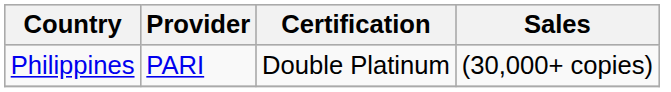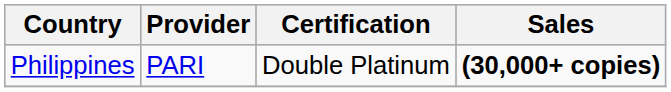 <table class="wikitable">
 <tr>
 <th>Country</th>
 <th>Provider</th>
 <th>Certification</th>
 <th>Sales</th>
 </tr>
 <tr>
 <td><a href='#'>Philippines</a></td>
 <td><a href='#'>PARI</a></td>
 <td>Double Platinum</td>
-<td>(30,000+ copies)</td>
+<td><strong>(30,000+ copies)</strong></td>
 </tr>
 <tr>
 </tr>
 </table>
